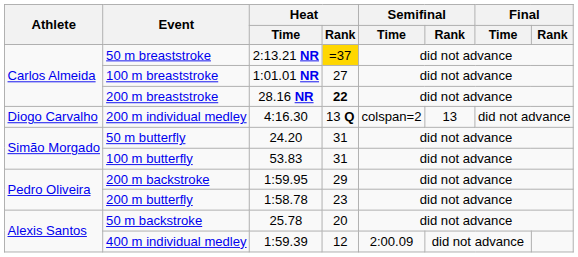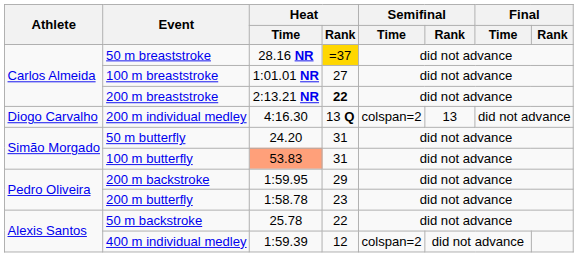 <table class=wikitable style="font-size:90%">
 <tr>
 <th rowspan="2">Athlete</th>
 <th rowspan="2">Event</th>
 <th colspan="2">Heat</th>
 <th colspan="2">Semifinal</th>
 <th colspan="2">Final</th>
 </tr>
 <tr style="font-size:95%">
 <th>Time</th>
 <th>Rank</th>
 <th>Time</th>
 <th>Rank</th>
 <th>Time</th>
 <th>Rank</th>
 </tr>
 <tr align=center>
 <td align=left rowspan=3><a href='#'>Carlos Almeida</a></td>
 <td align=left><a href='#'>50 m breaststroke</a></td>
-<td>2:13.21 <strong><a href='#'>NR</a></strong></td>
+<td>28.16  <strong><a href='#'>NR</a></strong></td>
 <td style="background: gold;">=37</td>
 <td colspan=4>did not advance</td>
 </tr>
 <tr align=center>
 <td align=left><a href='#'>100 m breaststroke</a></td>
 <td>1:01.01 <strong><a href='#'>NR</a></strong></td>
 <td>27</td>
 <td colspan=4>did not advance</td>
 </tr>
 <tr align=center>
 <td align=left><a href='#'>200 m breaststroke</a></td>
-<td>28.16  <strong><a href='#'>NR</a></strong></td>
+<td>2:13.21 <strong><a href='#'>NR</a></strong></td>
 <td><strong>22</strong></td>
 <td colspan=4>did not advance</td>
 </tr>
 <tr align=center>
 <td align=left><a href='#'>Diogo Carvalho</a></td>
 <td align=left><a href='#'>200 m individual medley</a></td>
 <td>4:16.30</td>
 <td>13 <strong>Q</strong></td>
 <td>colspan=2 </td>
 <td>13</td>
 <td colspan=2>did not advance</td>
 </tr>
 <tr align=center>
 <td align=left rowspan=2><a href='#'>Simão Morgado</a></td>
 <td align=left><a href='#'>50 m butterfly</a></td>
 <td>24.20</td>
 <td>31</td>
 <td colspan=4>did not advance</td>
 </tr>
 <tr align=center>
 <td align=left><a href='#'>100 m butterfly</a></td>
-<td>53.83</td>
+<td style="background: lightsalmon;">53.83</td>
 <td>31</td>
 <td colspan=4>did not advance</td>
 </tr>
 <tr align=center>
 <td align=left rowspan=2><a href='#'>Pedro Oliveira</a></td>
 <td align=left><a href='#'>200 m backstroke</a></td>
 <td>1:59.95</td>
 <td>29</td>
 <td colspan=4>did not advance</td>
 </tr>
 <tr align=center>
 <td align=left><a href='#'>200 m butterfly</a></td>
 <td>1:58.78</td>
 <td>23</td>
 <td colspan=4>did not advance</td>
 </tr>
 <tr align=center>
 <td align=left rowspan=2><a href='#'>Alexis Santos</a></td>
 <td align=left><a href='#'>50 m backstroke</a></td>
 <td>25.78</td>
-<td>20</td>
+<td>22</td>
 <td colspan=4>did not advance</td>
 </tr>
 <tr align=center>
 <td align=left><a href='#'>400 m individual medley</a></td>
 <td>1:59.39</td>
 <td>12</td>
-<td>2:00.09</td>
+<td>colspan=2 </td>
 <td colspan=2>did not advance</td>
 </tr>
 </table>
